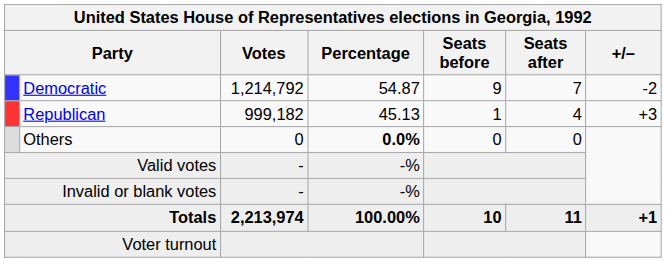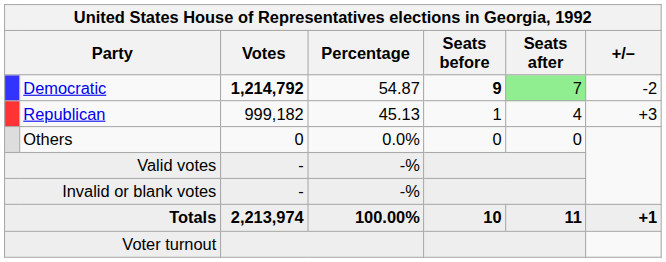 <table class="wikitable" style="font-size: 95%;">
 <tr>
 <th colspan="7">United States House of Representatives elections in Georgia, 1992</th>
 </tr>
 <tr>
 <th colspan=2 style="width: 15em">Party</th>
 <th style="width: 5em">Votes</th>
 <th style="width: 7em">Percentage</th>
 <th style="width: 5em">Seats before</th>
 <th style="width: 5em">Seats after</th>
 <th style="width: 5em">+/–</th>
 </tr>
 <tr>
 <th style="background-color:#3333FF; width: 3px"></th>
 <td style="width: 130px"><a href='#'>Democratic</a></td>
-<td align="right">1,214,792</td>
+<td align="right"><strong>1,214,792</strong></td>
 <td align="right">54.87</td>
-<td align="right">9</td>
-<td align="right">7</td>
+<td align="right"><strong>9</strong></td>
+<td align="right" style="background: lightgreen;">7</td>
 <td align="right">-2</td>
 </tr>
 <tr>
 <th style="background-color:#FF3333; width: 3px"></th>
 <td style="width: 130px"><a href='#'>Republican</a></td>
 <td align="right">999,182</td>
 <td align="right">45.13</td>
 <td align="right">1</td>
 <td align="right">4</td>
 <td align="right">+3</td>
 </tr>
 <tr>
 <th style="background-color:#DDDDDD; width: 3px"></th>
 <td style="width: 130px">Others</td>
 <td align="right">0</td>
-<td align="right"><strong>0.0%</strong></td>
+<td align="right">0.0%</td>
 <td align="right">0</td>
 <td align="right">0</td>
 </tr>
 <tr bgcolor="#EEEEEE">
 <td colspan="2" align="right">Valid votes</td>
 <td align="right">-</td>
 <td align="right">-%</td>
 <td colspan="2" align="right"></td>
 </tr>
 <tr bgcolor="#EEEEEE">
 <td colspan="2" align="right">Invalid or blank votes</td>
 <td align="right">-</td>
 <td align="right">-%</td>
 <td colspan="2" align="right"></td>
 </tr>
 <tr bgcolor="#EEEEEE">
 <td colspan="2" align="right"><strong>Totals</strong></td>
 <td align="right"><strong>2,213,974</strong></td>
 <td align="right"><strong>100.00%</strong></td>
 <td align="right"><strong>10</strong></td>
 <td align="right"><strong>11</strong></td>
 <td align="right"><strong>+1</strong></td>
 </tr>
 <tr bgcolor="#EEEEEE">
 <td colspan="2" align="right">Voter turnout</td>
 <td colspan="2" align="right"></td>
 <td colspan="2" align="right"></td>
 </tr>
 </table>
